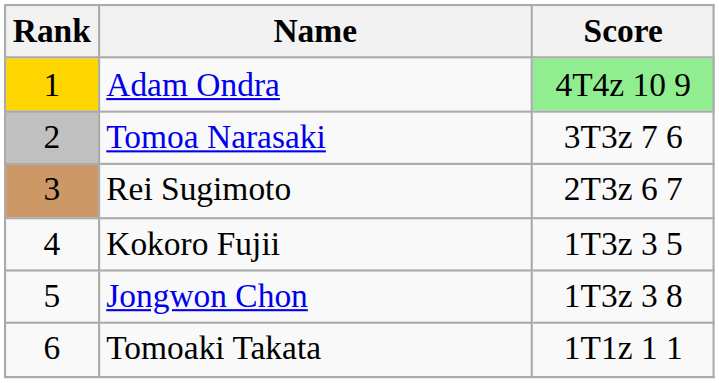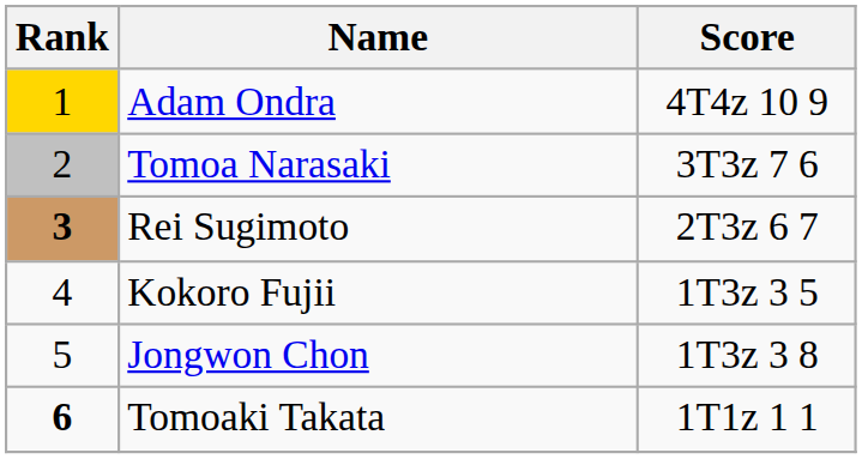 <table class="wikitable">
 <tr>
 <th>Rank</th>
 <th width = "200">Name</th>
 <th width = "80">Score</th>
 </tr>
 <tr>
 <td align="center" style="background: gold">1</td>
 <td> <a href='#'>Adam Ondra</a></td>
-<td align="center" style="background: lightgreen;">4T4z 10 9</td>
+<td align="center">4T4z 10 9</td>
 </tr>
 <tr>
 <td align="center" style="background: silver">2</td>
 <td> <a href='#'>Tomoa Narasaki</a></td>
 <td align="center">3T3z 7 6</td>
 </tr>
 <tr>
-<td align="center" style="background: #cc9966">3</td>
+<td align="center" style="background: #cc9966"><strong>3</strong></td>
 <td> Rei Sugimoto</td>
 <td align="center">2T3z 6 7</td>
 </tr>
 <tr>
 <td align="center">4</td>
 <td> Kokoro Fujii</td>
 <td align="center">1T3z 3 5</td>
 </tr>
 <tr>
 <td align="center">5</td>
 <td> <a href='#'>Jongwon Chon</a></td>
 <td align="center">1T3z 3 8</td>
 </tr>
 <tr>
-<td align="center">6</td>
+<td align="center"><strong>6</strong></td>
 <td> Tomoaki Takata</td>
 <td align="center">1T1z 1 1</td>
 </tr>
 <tr>
 </tr>
 </table>
